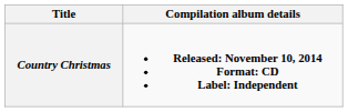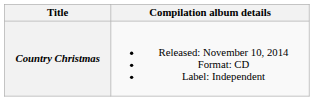 <table class="wikitable plainrowheaders" style="text-align:center;">
 <tr>
 <th scope="col" rowspan="1" style="width:9.5em;">Title</th>
 <th scope="col" rowspan="1" style="width:18em;">Compilation album details</th>
 </tr>
 <tr>
 <th scope="row"><em>Country Christmas</em></th>
-<td><strong><br><ul><li>Released: November 10, 2014</li><li>Format: CD</li><li>Label: Independent</li></ul></strong></td>
+<td><br><ul><li>Released: November 10, 2014</li><li>Format: CD</li><li>Label: Independent</li></ul></td>
 </tr>
 </table>
